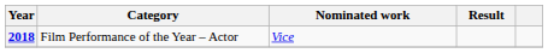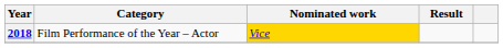 <table class="wikitable sortable">
 <tr>
 <th style="width:6%;" scope="col">Year</th>
 <th style="width:43%;" scope="col">Category</th>
 <th style="width:35%;" scope="col">Nominated work</th>
 <th style="width:11%;" scope="col">Result</th>
 <th style="width:5%;" scope="col" class="unsortable"></th>
 </tr>
 <tr>
 <th scope="row" style="text-align:center;"><a href='#'>2018</a></th>
 <td>Film Performance of the Year – Actor</td>
-<td><em><a href='#'>Vice</a></em></td>
+<td style="background: gold;"><em><a href='#'>Vice</a></em></td>
 <td></td>
 <td style="text-align:center;"></td>
 </tr>
 <tr>
 </tr>
 </table>
